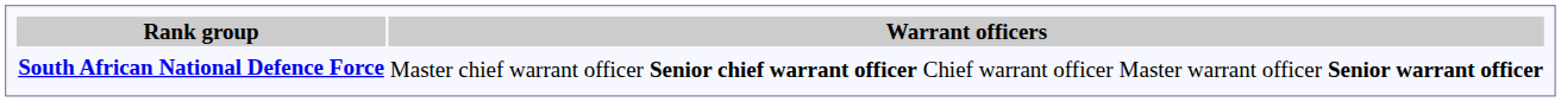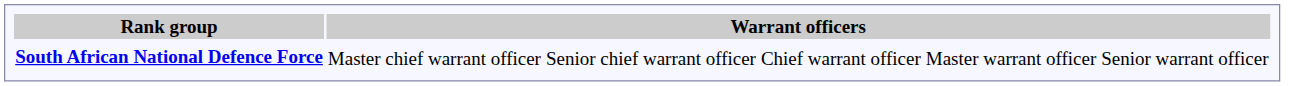 <table style="border:1px solid #8888aa; color:inherit; background-color:#f7f8ff; padding:5px; font-size:95%; margin: 0px 12px 12px 0px;">
 <tr bgcolor=#CCCCCC>
 <th>Rank group</th>
 <th colspan=5>Warrant officers</th>
 </tr>
 <tr style="text-align:center;">
 <td rowspan=2><strong> <a href='#'>South African National Defence Force</a></strong></td>
 <td></td>
 <td></td>
 <td></td>
 <td></td>
 <td></td>
 </tr>
 <tr style="text-align:center;">
 <td>Master chief warrant officer</td>
-<td><strong>Senior chief warrant officer</strong></td>
+<td>Senior chief warrant officer</td>
 <td>Chief warrant officer</td>
 <td>Master warrant officer</td>
-<td><strong>Senior warrant officer</strong></td>
+<td>Senior warrant officer</td>
 </tr>
 </table>
